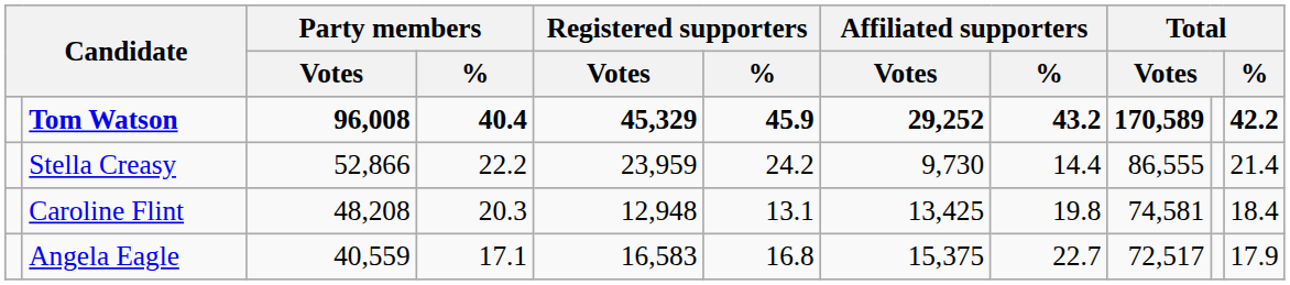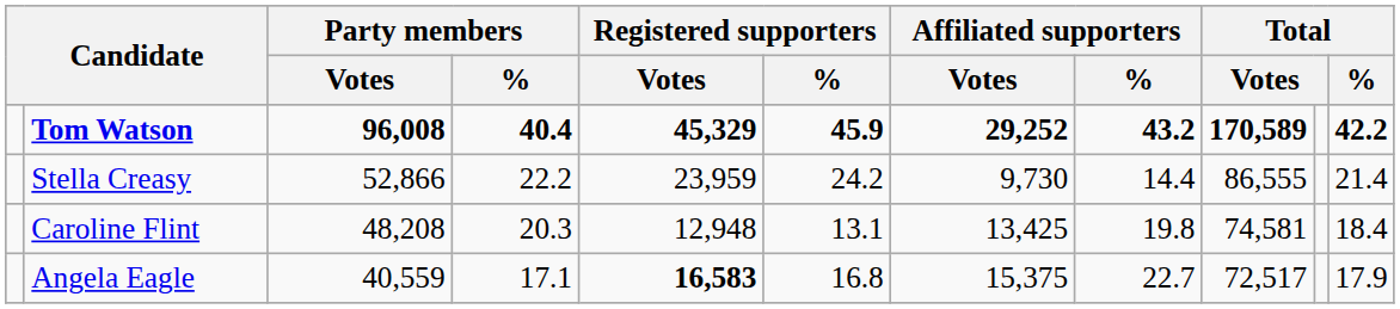 <table class=wikitable style="font-size:95%;">
 <tr>
 <th colspan="2" scope="col" rowspan="2" width="125">Candidate</th>
 <th scope="col" colspan="2" width="150">Party members</th>
 <th scope="col" colspan="2" width="150">Registered supporters</th>
 <th scope="col" colspan="2" width="150">Affiliated supporters</th>
 <th scope="col" colspan="3" width="75">Total</th>
 </tr>
 <tr>
 <th>Votes</th>
 <th>%</th>
 <th>Votes</th>
 <th>%</th>
 <th>Votes</th>
 <th>%</th>
 <th scope="col" colspan="2">Votes</th>
 <th>%</th>
 </tr>
 <tr align="right">
 <td style="background-color: "></td>
 <td scope="row" align="left"><strong><a href='#'>Tom Watson</a></strong></td>
 <td><strong>96,008</strong></td>
 <td><strong>40.4</strong></td>
 <td><strong>45,329</strong></td>
 <td><strong>45.9</strong></td>
 <td><strong>29,252</strong></td>
 <td><strong>43.2</strong></td>
 <td><strong>170,589</strong></td>
 <td align=center></td>
 <td><strong>42.2</strong></td>
 </tr>
 <tr align="right">
 <td style="background-color: "></td>
 <td scope="row" align="left"><a href='#'>Stella Creasy</a></td>
 <td>52,866</td>
 <td>22.2</td>
 <td>23,959</td>
 <td>24.2</td>
 <td>9,730</td>
 <td>14.4</td>
 <td>86,555</td>
 <td align=center></td>
 <td>21.4</td>
 </tr>
 <tr align="right">
 <td style="background-color: "></td>
 <td scope="row" align="left"><a href='#'>Caroline Flint</a></td>
 <td>48,208</td>
 <td>20.3</td>
 <td>12,948</td>
 <td>13.1</td>
 <td>13,425</td>
 <td>19.8</td>
 <td>74,581</td>
 <td align=center></td>
 <td>18.4</td>
 </tr>
 <tr align="right">
 <td style="background-color: "></td>
 <td scope="row" align="left"><a href='#'>Angela Eagle</a></td>
 <td>40,559</td>
 <td>17.1</td>
-<td>16,583</td>
+<td><strong>16,583</strong></td>
 <td>16.8</td>
 <td>15,375</td>
 <td>22.7</td>
 <td>72,517</td>
 <td align=center></td>
 <td>17.9</td>
 </tr>
 </table>
